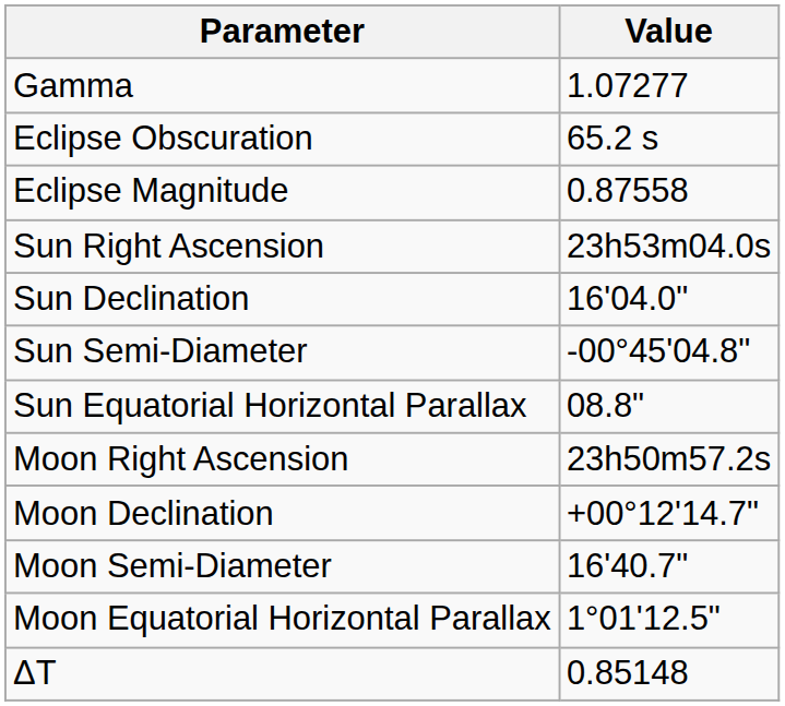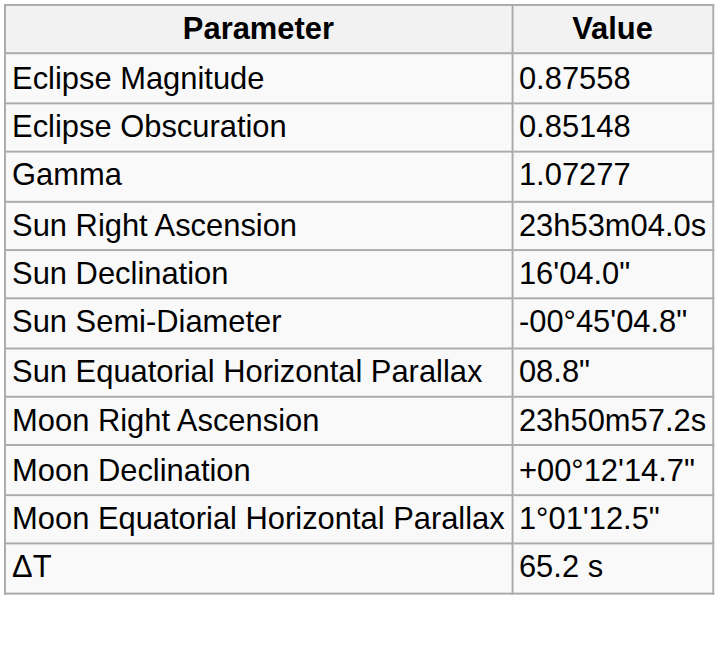 <table class="wikitable">
 <tr>
 <th>Parameter</th>
 <th>Value</th>
 </tr>
 <tr>
-<td>Gamma</td>
-<td>1.07277</td>
+<td>Eclipse Magnitude</td>
+<td>0.87558</td>
 </tr>
 <tr>
 <td>Eclipse Obscuration</td>
-<td>65.2 s</td>
+<td>0.85148</td>
 </tr>
 <tr>
-<td>Eclipse Magnitude</td>
-<td>0.87558</td>
+<td>Gamma</td>
+<td>1.07277</td>
 </tr>
 <tr>
 <td>Sun Right Ascension</td>
 <td>23h53m04.0s</td>
 </tr>
 <tr>
 <td>Sun Declination</td>
 <td>16'04.0"</td>
 </tr>
 <tr>
 <td>Sun Semi-Diameter</td>
 <td>-00°45'04.8"</td>
 </tr>
 <tr>
 <td>Sun Equatorial Horizontal Parallax</td>
 <td>08.8"</td>
 </tr>
 <tr>
 <td>Moon Right Ascension</td>
 <td>23h50m57.2s</td>
 </tr>
 <tr>
 <td>Moon Declination</td>
 <td>+00°12'14.7"</td>
 </tr>
 <tr>
-<td>Moon Semi-Diameter</td>
-<td>16'40.7"</td>
-</tr>
-<tr>
 <td>Moon Equatorial Horizontal Parallax</td>
 <td>1°01'12.5"</td>
 </tr>
 <tr>
 <td>ΔT</td>
-<td>0.85148</td>
+<td>65.2 s</td>
 </tr>
 </table>
